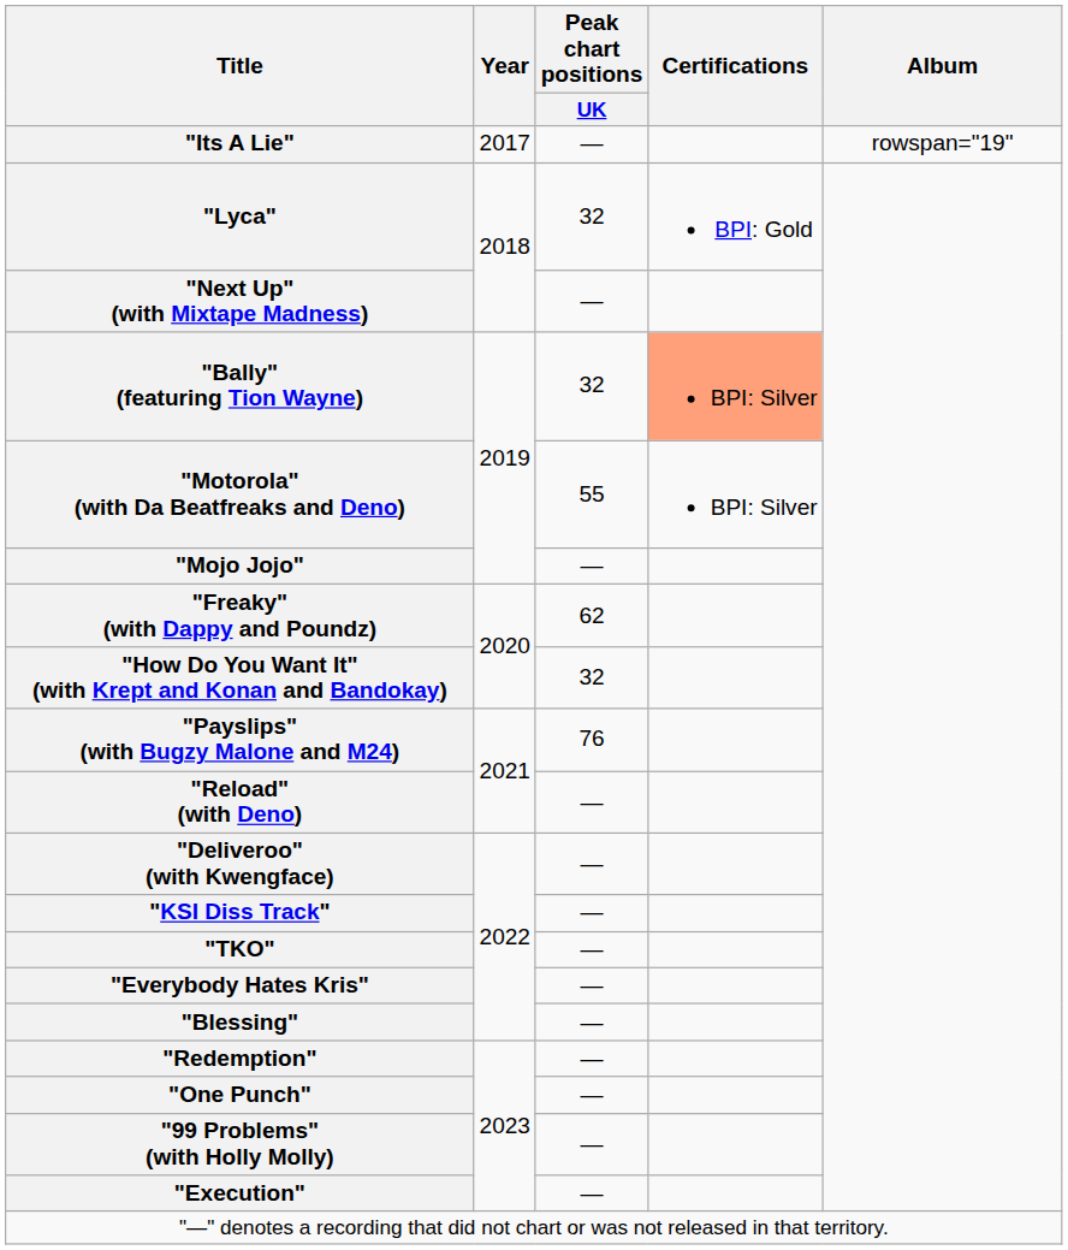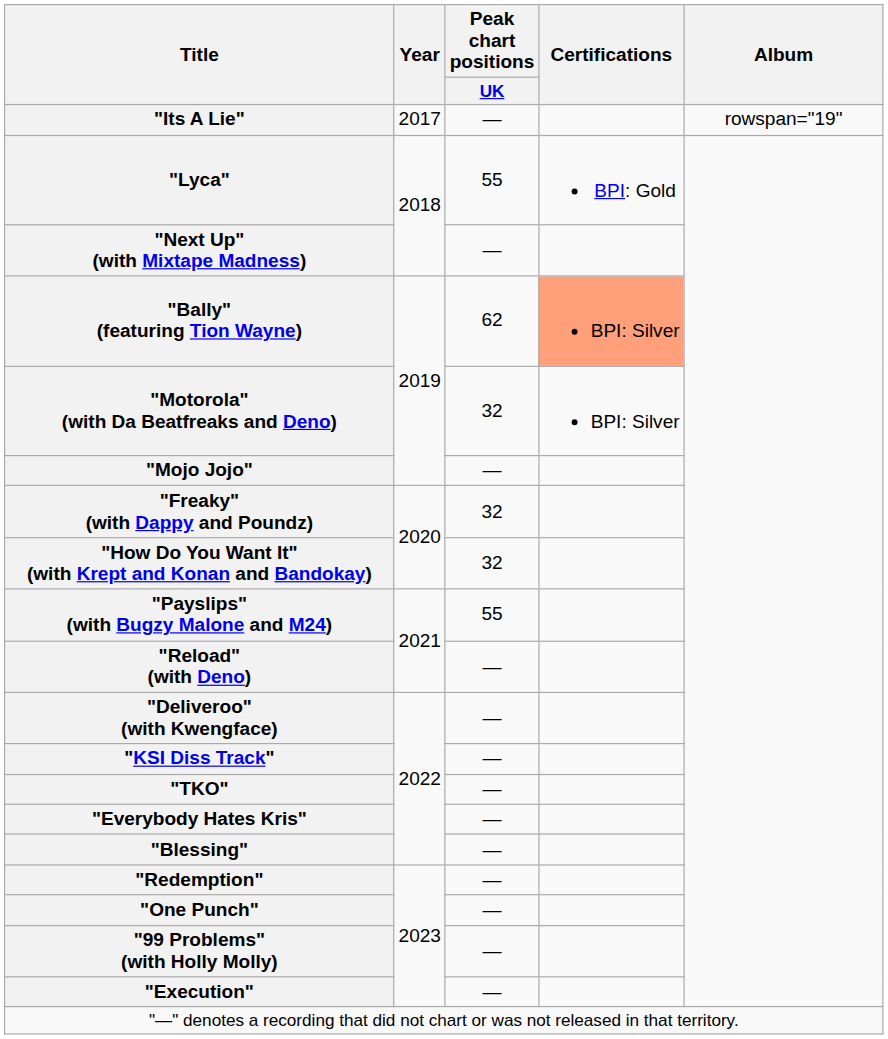 <table class="wikitable plainrowheaders" style="text-align:center;">
 <tr>
 <th rowspan="2" scope="col" style="width:20em;">Title</th>
 <th rowspan="2" scope="col" style="width:1em;">Year</th>
 <th colspan="1" scope="col">Peak chart positions</th>
 <th rowspan="2" scope="col">Certifications</th>
 <th rowspan="2" scope="col" style="width:10em;">Album</th>
 </tr>
 <tr>
 <th scope="col" style="width:3em;font-size:90%;"><a href='#'>UK</a><br></th>
 </tr>
 <tr>
 <th scope="row">"Its A Lie"</th>
 <td>2017</td>
 <td>—</td>
 <td></td>
 <td>rowspan="19" </td>
 </tr>
 <tr>
 <th scope="row">"Lyca"</th>
 <td rowspan="2">2018</td>
-<td>32</td>
+<td>55</td>
 <td><br><ul><li><a href='#'>BPI</a>: Gold</li></ul></td>
 </tr>
 <tr>
 <th scope="row">"Next Up"<br><span>(with <a href='#'>Mixtape Madness</a>)</span></th>
 <td>—</td>
 <td></td>
 </tr>
 <tr>
 <th scope="row">"Bally"<br><span>(featuring <a href='#'>Tion Wayne</a>)</span></th>
 <td rowspan="3">2019</td>
-<td>32</td>
+<td>62</td>
 <td style="background: lightsalmon;"><br><ul><li>BPI: Silver</li></ul></td>
 </tr>
 <tr>
 <th scope="row">"Motorola"<br><span>(with Da Beatfreaks and <a href='#'>Deno</a>)</span></th>
-<td>55</td>
+<td>32</td>
 <td><br><ul><li>BPI: Silver</li></ul></td>
 </tr>
 <tr>
 <th scope="row">"Mojo Jojo"</th>
 <td>—</td>
 <td></td>
 </tr>
 <tr>
 <th scope="row">"Freaky"<br><span>(with <a href='#'>Dappy</a> and Poundz)</span></th>
 <td rowspan="2">2020</td>
-<td>62</td>
+<td>32</td>
 <td></td>
 </tr>
 <tr>
 <th scope="row">"How Do You Want It"<br><span>(with <a href='#'>Krept and Konan</a> and <a href='#'>Bandokay</a>)</span></th>
 <td>32</td>
 <td></td>
 </tr>
 <tr>
 <th scope="row">"Payslips"<br><span>(with <a href='#'>Bugzy Malone</a> and <a href='#'>M24</a>)</span></th>
 <td rowspan="2">2021</td>
-<td>76</td>
+<td>55</td>
 <td></td>
 </tr>
 <tr>
 <th scope="row">"Reload"<br><span>(with <a href='#'>Deno</a>)</span></th>
 <td>—</td>
 <td></td>
 </tr>
 <tr>
 <th scope="row">"Deliveroo"<br><span>(with Kwengface)</span></th>
 <td rowspan="5">2022</td>
 <td>—</td>
 <td></td>
 </tr>
 <tr>
 <th scope="row">"<a href='#'>KSI Diss Track</a>"</th>
 <td>—</td>
 <td></td>
 </tr>
 <tr>
 <th scope="row">"TKO"</th>
 <td>—</td>
 <td></td>
 </tr>
 <tr>
 <th scope="row">"Everybody Hates Kris"</th>
 <td>—</td>
 <td></td>
 </tr>
 <tr>
 <th scope="row">"Blessing"</th>
 <td>—</td>
 <td></td>
 </tr>
 <tr>
 <th scope="row">"Redemption"</th>
 <td rowspan="4">2023</td>
 <td>—</td>
 <td></td>
 </tr>
 <tr>
 <th scope="row">"One Punch"</th>
 <td>—</td>
 <td></td>
 </tr>
 <tr>
 <th scope="row">"99 Problems"<br><span>(with Holly Molly)</span></th>
 <td>—</td>
 <td></td>
 </tr>
 <tr>
 <th scope="row">"Execution"</th>
 <td>—</td>
 <td></td>
 </tr>
 <tr>
 <td colspan="7" style="font-size:90%">"—" denotes a recording that did not chart or was not released in that territory.</td>
 </tr>
 </table>
